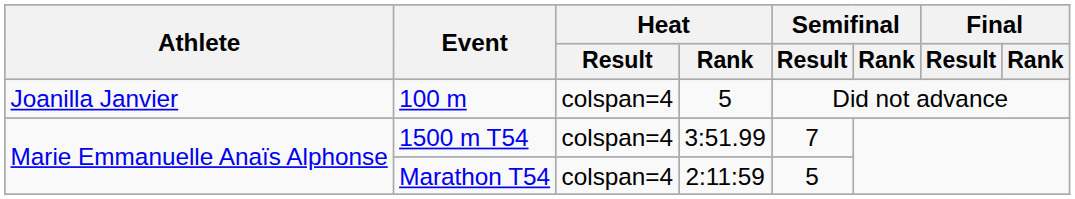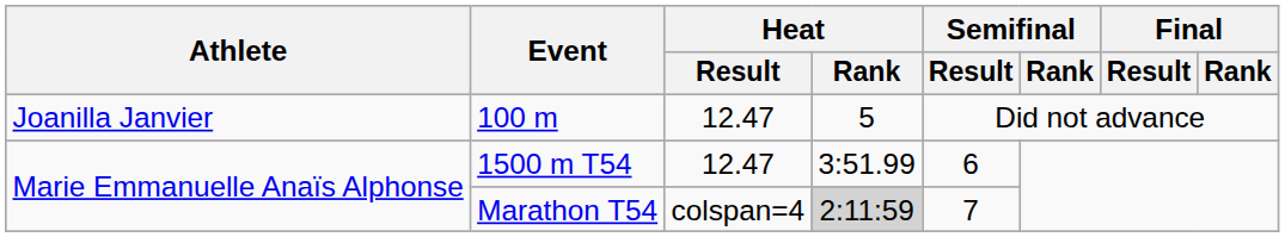 <table class="wikitable" style="font-size:90%">
 <tr>
 <th rowspan=2>Athlete</th>
 <th rowspan=2>Event</th>
 <th colspan=2>Heat</th>
 <th colspan=2>Semifinal</th>
 <th colspan=2>Final</th>
 </tr>
 <tr style="font-size:95%">
 <th>Result</th>
 <th>Rank</th>
 <th>Result</th>
 <th>Rank</th>
 <th>Result</th>
 <th>Rank</th>
 </tr>
 <tr align=center>
 <td align=left><a href='#'>Joanilla Janvier</a></td>
 <td align=left><a href='#'>100 m</a></td>
-<td>colspan=4</td>
+<td>12.47</td>
 <td>5</td>
 <td colspan=4>Did not advance</td>
 </tr>
 <tr align=center>
 <td align=left rowspan=2><a href='#'>Marie Emmanuelle Anaïs Alphonse</a></td>
 <td align=left><a href='#'>1500 m T54</a></td>
-<td>colspan=4</td>
+<td>12.47</td>
 <td>3:51.99</td>
-<td>7</td>
+<td>6</td>
 </tr>
 <tr align=center>
 <td align=left><a href='#'>Marathon T54</a></td>
 <td>colspan=4</td>
-<td>2:11:59</td>
-<td>5</td>
+<td style="background: lightgrey;">2:11:59</td>
+<td>7</td>
 </tr>
 </table>
